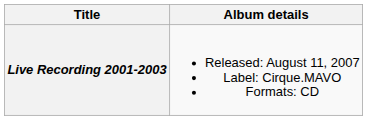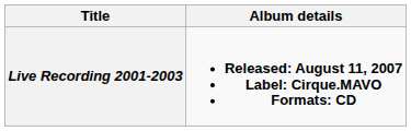 <table class="wikitable plainrowheaders" style="text-align:center;">
 <tr>
 <th>Title</th>
 <th>Album details</th>
 </tr>
 <tr>
 <th scope="row"><em>Live Recording 2001-2003</em></th>
-<td><br><ul><li>Released: August 11, 2007 </li><li>Label: Cirque.MAVO</li><li>Formats: CD</li></ul></td>
+<td><strong><br><ul><li>Released: August 11, 2007 </li><li>Label: Cirque.MAVO</li><li>Formats: CD</li></ul></strong></td>
 </tr>
 </table>
